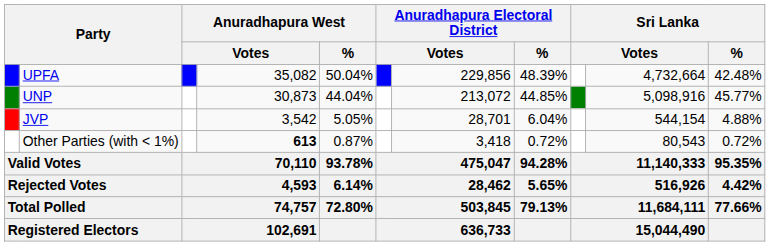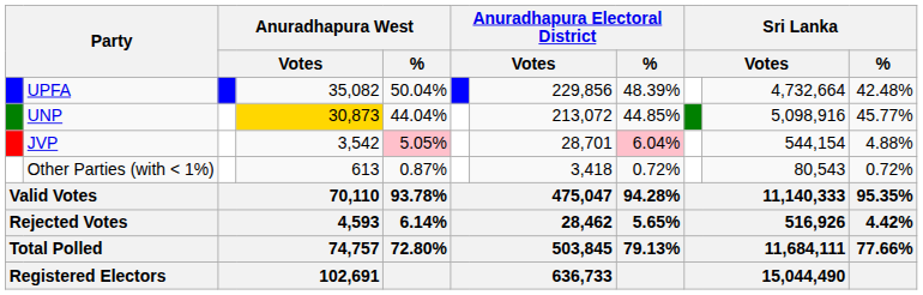 <table class="wikitable">
 <tr>
 <th colspan="2" width="144px"rowspan="2">Party</th>
 <th colspan="3" width="216px">Anuradhapura West</th>
 <th colspan="3" width="216px"><a href='#'>Anuradhapura Electoral District</a></th>
 <th colspan="3" width="216px">Sri Lanka</th>
 </tr>
 <tr>
 <th colspan="2" width="144px">Votes</th>
 <th>%</th>
 <th colspan="2" width="144px">Votes</th>
 <th>%</th>
 <th colspan="2" width="144px">Votes</th>
 <th>%</th>
 </tr>
 <tr>
 <td style="background-color:blue;" width="10px"></td>
 <td style="text-align:left;"><a href='#'>UPFA</a></td>
 <td style="background-color:blue;" width="10px"></td>
 <td style="text-align:right;">35,082</td>
 <td style="text-align:right;">50.04%</td>
 <td style="background-color:blue;" width="10px"></td>
 <td style="text-align:right;">229,856</td>
 <td style="text-align:right;">48.39%</td>
 <td style="background-color:white;" width="10px"></td>
 <td style="text-align:right;">4,732,664</td>
 <td style="text-align:right;">42.48%</td>
 </tr>
 <tr>
 <td style="background-color:green;" width="10px"></td>
 <td style="text-align:left;"><a href='#'>UNP</a></td>
 <td style="background-color:white;" width="10px"></td>
-<td style="text-align:right;">30,873</td>
+<td style="background: gold; text-align:right;">30,873</td>
 <td style="text-align:right;">44.04%</td>
 <td style="background-color:white;" width="10px"></td>
 <td style="text-align:right;">213,072</td>
 <td style="text-align:right;">44.85%</td>
 <td style="background-color:green;" width="10px"></td>
 <td style="text-align:right;">5,098,916</td>
 <td style="text-align:right;">45.77%</td>
 </tr>
 <tr>
 <td style="background-color:red;" width="10px"></td>
 <td style="text-align:left;"><a href='#'>JVP</a></td>
 <td style="background-color:white;" width="10px"></td>
 <td style="text-align:right;">3,542</td>
-<td style="text-align:right;">5.05%</td>
+<td style="background: pink; text-align:right;">5.05%</td>
 <td style="background-color:white;" width="10px"></td>
 <td style="text-align:right;">28,701</td>
-<td style="text-align:right;">6.04%</td>
+<td style="background: pink; text-align:right;">6.04%</td>
 <td style="background-color:white;" width="10px"></td>
 <td style="text-align:right;">544,154</td>
 <td style="text-align:right;">4.88%</td>
 </tr>
 <tr>
 <td style="background-color:white;" width="10px"></td>
 <td style="text-align:left;">Other Parties (with < 1%)</td>
 <td style="background-color:white;" width="10px"></td>
-<td style="text-align:right;"><strong>613</strong></td>
+<td style="text-align:right;">613</td>
 <td style="text-align:right;">0.87%</td>
 <td style="background-color:white;" width="10px"></td>
 <td style="text-align:right;">3,418</td>
 <td style="text-align:right;">0.72%</td>
 <td style="background-color:white;" width="10px"></td>
 <td style="text-align:right;">80,543</td>
 <td style="text-align:right;">0.72%</td>
 </tr>
 <tr>
 <th colspan="2" width="144px"style="text-align:left;">Valid Votes</th>
 <th style="text-align:right;"colspan="2" width="144px">70,110</th>
 <th style="text-align:right;">93.78%</th>
 <th style="text-align:right;"colspan="2" width="144px">475,047</th>
 <th style="text-align:right;">94.28%</th>
 <th style="text-align:right;"colspan="2" width="144px">11,140,333</th>
 <th style="text-align:right;">95.35%</th>
 </tr>
 <tr>
 <th colspan="2" width="144px"style="text-align:left;">Rejected Votes</th>
 <th style="text-align:right;"colspan="2" width="144px">4,593</th>
 <th style="text-align:right;">6.14%</th>
 <th style="text-align:right;"colspan="2" width="144px">28,462</th>
 <th style="text-align:right;">5.65%</th>
 <th style="text-align:right;"colspan="2" width="144px">516,926</th>
 <th style="text-align:right;">4.42%</th>
 </tr>
 <tr>
 <th colspan="2" width="144px"style="text-align:left;">Total Polled</th>
 <th style="text-align:right;"colspan="2" width="144px">74,757</th>
 <th style="text-align:right;">72.80%</th>
 <th style="text-align:right;"colspan="2" width="144px">503,845</th>
 <th style="text-align:right;">79.13%</th>
 <th style="text-align:right;"colspan="2" width="144px">11,684,111</th>
 <th style="text-align:right;">77.66%</th>
 </tr>
 <tr>
 <th colspan="2" width="144px"style="text-align:left;">Registered Electors</th>
 <th style="text-align:right;"colspan="2" width="144px">102,691</th>
 <th></th>
 <th style="text-align:right;"colspan="2" width="144px">636,733</th>
 <th></th>
 <th style="text-align:right;"colspan="2" width="144px">15,044,490</th>
 <th></th>
 </tr>
 </table>
